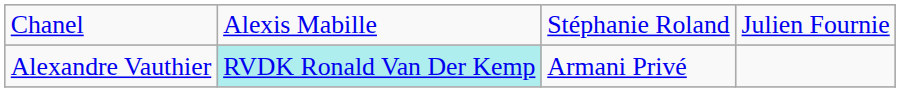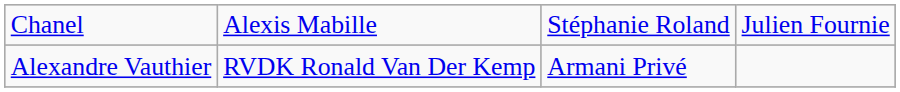 <table class="wikitable">
 <tr>
 <td><a href='#'>Chanel</a></td>
 <td><a href='#'>Alexis Mabille</a></td>
 <td><a href='#'>Stéphanie Roland</a></td>
 <td><a href='#'>Julien Fournie</a></td>
 </tr>
 <tr>
 <td><a href='#'>Alexandre Vauthier</a></td>
-<td style="background: paleturquoise;"><a href='#'>RVDK Ronald Van Der Kemp</a></td>
+<td><a href='#'>RVDK Ronald Van Der Kemp</a></td>
 <td><a href='#'>Armani Privé</a></td>
 <td></td>
 </tr>
 </table>
